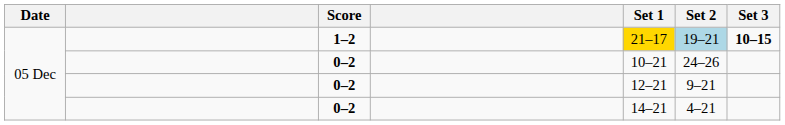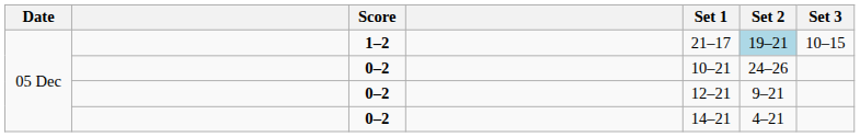 <table class="wikitable" style="text-align: center;">
 <tr>
 <th width="60">Date</th>
 <th align="right" width="270"></th>
 <th width="50">Score</th>
 <th align="left" width="270"></th>
 <th width="50">Set 1</th>
 <th width="50">Set 2</th>
 <th width="50">Set 3</th>
 </tr>
 <tr>
 <td rowspan=4>05 Dec</td>
 <td align=left></td>
 <td align=center><strong>1–2</strong></td>
 <td align=left><strong></strong></td>
-<td style="background: gold;">21–17</td>
+<td>21–17</td>
 <td style="background: lightblue;">19–21</td>
-<td><strong>10–15</strong></td>
+<td>10–15</td>
 </tr>
 <tr>
 <td align=left></td>
 <td align=center><strong>0–2</strong></td>
 <td align=left><strong></strong></td>
 <td>10–21</td>
 <td>24–26</td>
 <td></td>
 </tr>
 <tr>
 <td align=left></td>
 <td align=center><strong>0–2</strong></td>
 <td align=left><strong></strong></td>
 <td>12–21</td>
 <td>9–21</td>
 <td></td>
 </tr>
 <tr>
 <td align=left></td>
 <td align=center><strong>0–2</strong></td>
 <td align=left><strong></strong></td>
 <td>14–21</td>
 <td>4–21</td>
 <td></td>
 </tr>
 </table>
